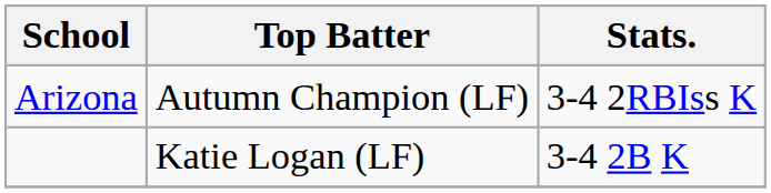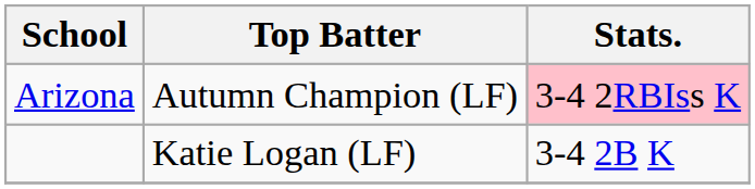 <table class="wikitable">
 <tr>
 <th>School</th>
 <th>Top Batter</th>
 <th>Stats.</th>
 </tr>
 <tr>
 <td><a href='#'>Arizona</a></td>
 <td>Autumn Champion (LF)</td>
-<td>3-4  2<a href='#'>RBIs</a>s  <a href='#'>K</a></td>
+<td style="background: pink;">3-4  2<a href='#'>RBIs</a>s  <a href='#'>K</a></td>
 </tr>
 <tr>
 <td></td>
 <td>Katie Logan (LF)</td>
 <td>3-4  <a href='#'>2B</a>  <a href='#'>K</a></td>
 </tr>
 <tr>
 </tr>
 </table>
